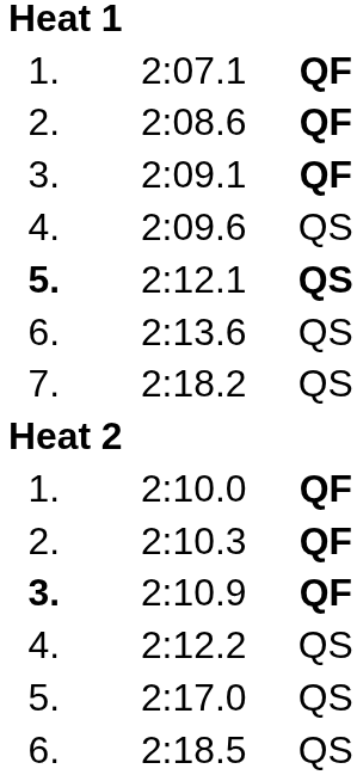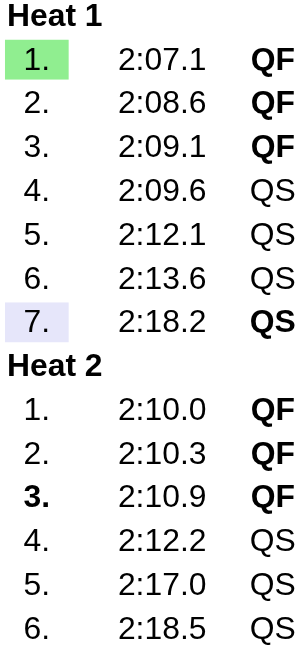 <table style="text-align:center">
 <tr>
 <td colspan=4 align=left><strong>Heat 1</strong></td>
 </tr>
 <tr>
-<td width=30>1.</td>
+<td width=30 style="background: lightgreen;">1.</td>
 <td align=left></td>
 <td width=80>2:07.1</td>
 <td><strong>QF</strong></td>
 </tr>
 <tr>
 <td>2.</td>
 <td align=left></td>
 <td>2:08.6</td>
 <td><strong>QF</strong></td>
 </tr>
 <tr>
 <td>3.</td>
 <td align=left></td>
 <td>2:09.1</td>
 <td><strong>QF</strong></td>
 </tr>
 <tr>
 <td>4.</td>
 <td align=left></td>
 <td>2:09.6</td>
 <td>QS</td>
 </tr>
 <tr>
-<td><strong>5.</strong></td>
+<td>5.</td>
 <td align=left></td>
 <td>2:12.1</td>
-<td><strong>QS</strong></td>
+<td>QS</td>
 </tr>
 <tr>
 <td>6.</td>
 <td align=left></td>
 <td>2:13.6</td>
 <td>QS</td>
 </tr>
 <tr>
-<td>7.</td>
+<td style="background: lavender;">7.</td>
 <td align=left></td>
 <td>2:18.2</td>
-<td>QS</td>
+<td><strong>QS</strong></td>
 </tr>
 <tr>
 <td colspan=4 align=left><strong>Heat 2</strong></td>
 </tr>
 <tr>
 <td>1.</td>
 <td align=left></td>
 <td>2:10.0</td>
 <td><strong>QF</strong></td>
 </tr>
 <tr>
 <td>2.</td>
 <td align=left></td>
 <td>2:10.3</td>
 <td><strong>QF</strong></td>
 </tr>
 <tr>
 <td><strong>3.</strong></td>
 <td align=left></td>
 <td>2:10.9</td>
 <td><strong>QF</strong></td>
 </tr>
 <tr>
 <td>4.</td>
 <td align=left></td>
 <td>2:12.2</td>
 <td>QS</td>
 </tr>
 <tr>
 <td>5.</td>
 <td align=left></td>
 <td>2:17.0</td>
 <td>QS</td>
 </tr>
 <tr>
 <td>6.</td>
 <td align=left></td>
 <td>2:18.5</td>
 <td>QS</td>
 </tr>
 </table>
